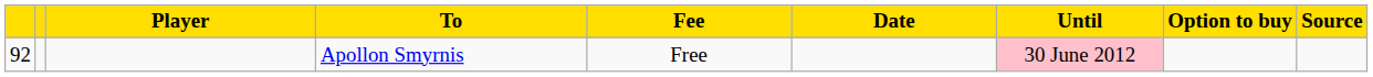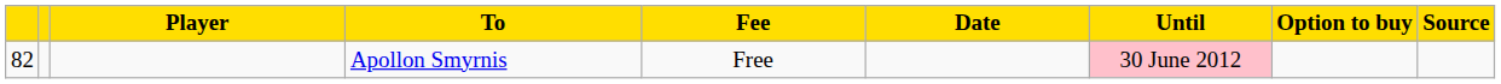 <table class="wikitable sortable">
 <tr>
 <th style="background:#FFDE00"></th>
 <th style="background:#FFDE00"></th>
 <th width=200 style="background:#FFDE00">Player</th>
 <th width=200 style="background:#FFDE00">To</th>
 <th width=150 style="background:#FFDE00">Fee</th>
 <th width=150 style="background:#FFDE00">Date</th>
 <th width=120 style="background:#FFDE00">Until</th>
 <th style="background:#FFDE00">Option to buy</th>
 <th style="background:#FFDE00">Source</th>
 </tr>
 <tr>
-<td align=center>92</td>
+<td align=center>82</td>
 <td align=center></td>
 <td></td>
 <td> <a href='#'>Apollon Smyrnis</a></td>
 <td align=center>Free</td>
 <td align=center></td>
 <td align=center style="background: pink;">30 June 2012</td>
 <td align=center></td>
 <td align=center></td>
 </tr>
 </table>
